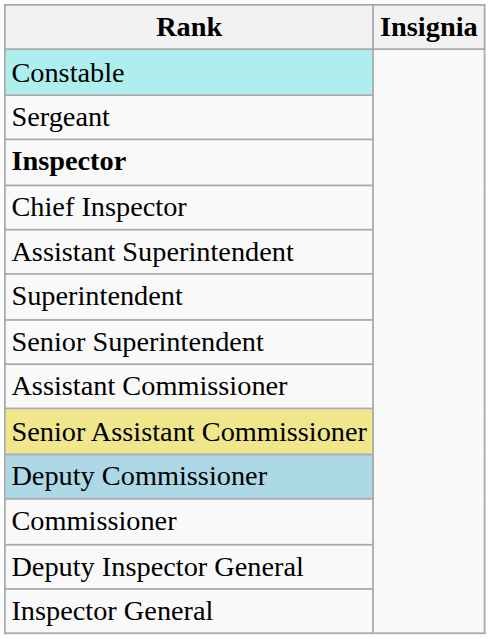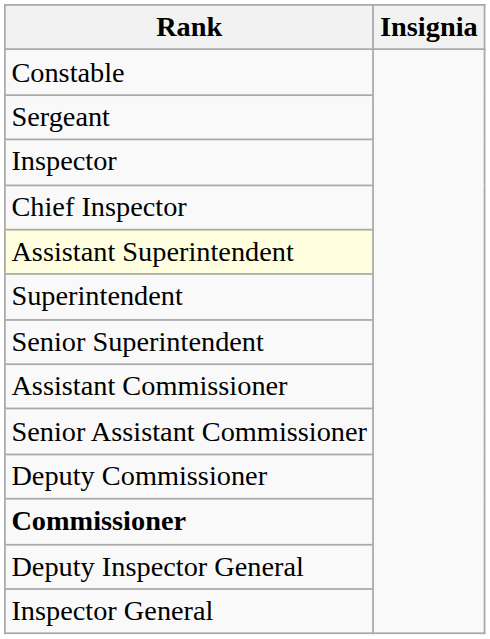 <table class="wikitable mw-collapsible mw-collapsed">
 <tr>
 <th>Rank</th>
 <th>Insignia</th>
 </tr>
 <tr>
-<td style="background: paleturquoise;">Constable</td>
+<td>Constable</td>
 <td rowspan="13"></td>
 </tr>
 <tr>
 <td>Sergeant</td>
 </tr>
 <tr>
-<td><strong>Inspector</strong></td>
+<td>Inspector</td>
 </tr>
 <tr>
 <td>Chief Inspector</td>
 </tr>
 <tr>
-<td>Assistant Superintendent</td>
+<td style="background: lightyellow;">Assistant Superintendent</td>
 </tr>
 <tr>
 <td>Superintendent</td>
 </tr>
 <tr>
 <td>Senior Superintendent</td>
 </tr>
 <tr>
 <td>Assistant Commissioner</td>
 </tr>
 <tr>
-<td style="background: khaki;">Senior Assistant Commissioner</td>
+<td>Senior Assistant Commissioner</td>
 </tr>
 <tr>
-<td style="background: lightblue;">Deputy Commissioner</td>
+<td>Deputy Commissioner</td>
 </tr>
 <tr>
-<td>Commissioner</td>
+<td><strong>Commissioner</strong></td>
 </tr>
 <tr>
 <td>Deputy Inspector General</td>
 </tr>
 <tr>
 <td>Inspector General</td>
 </tr>
 </table>
